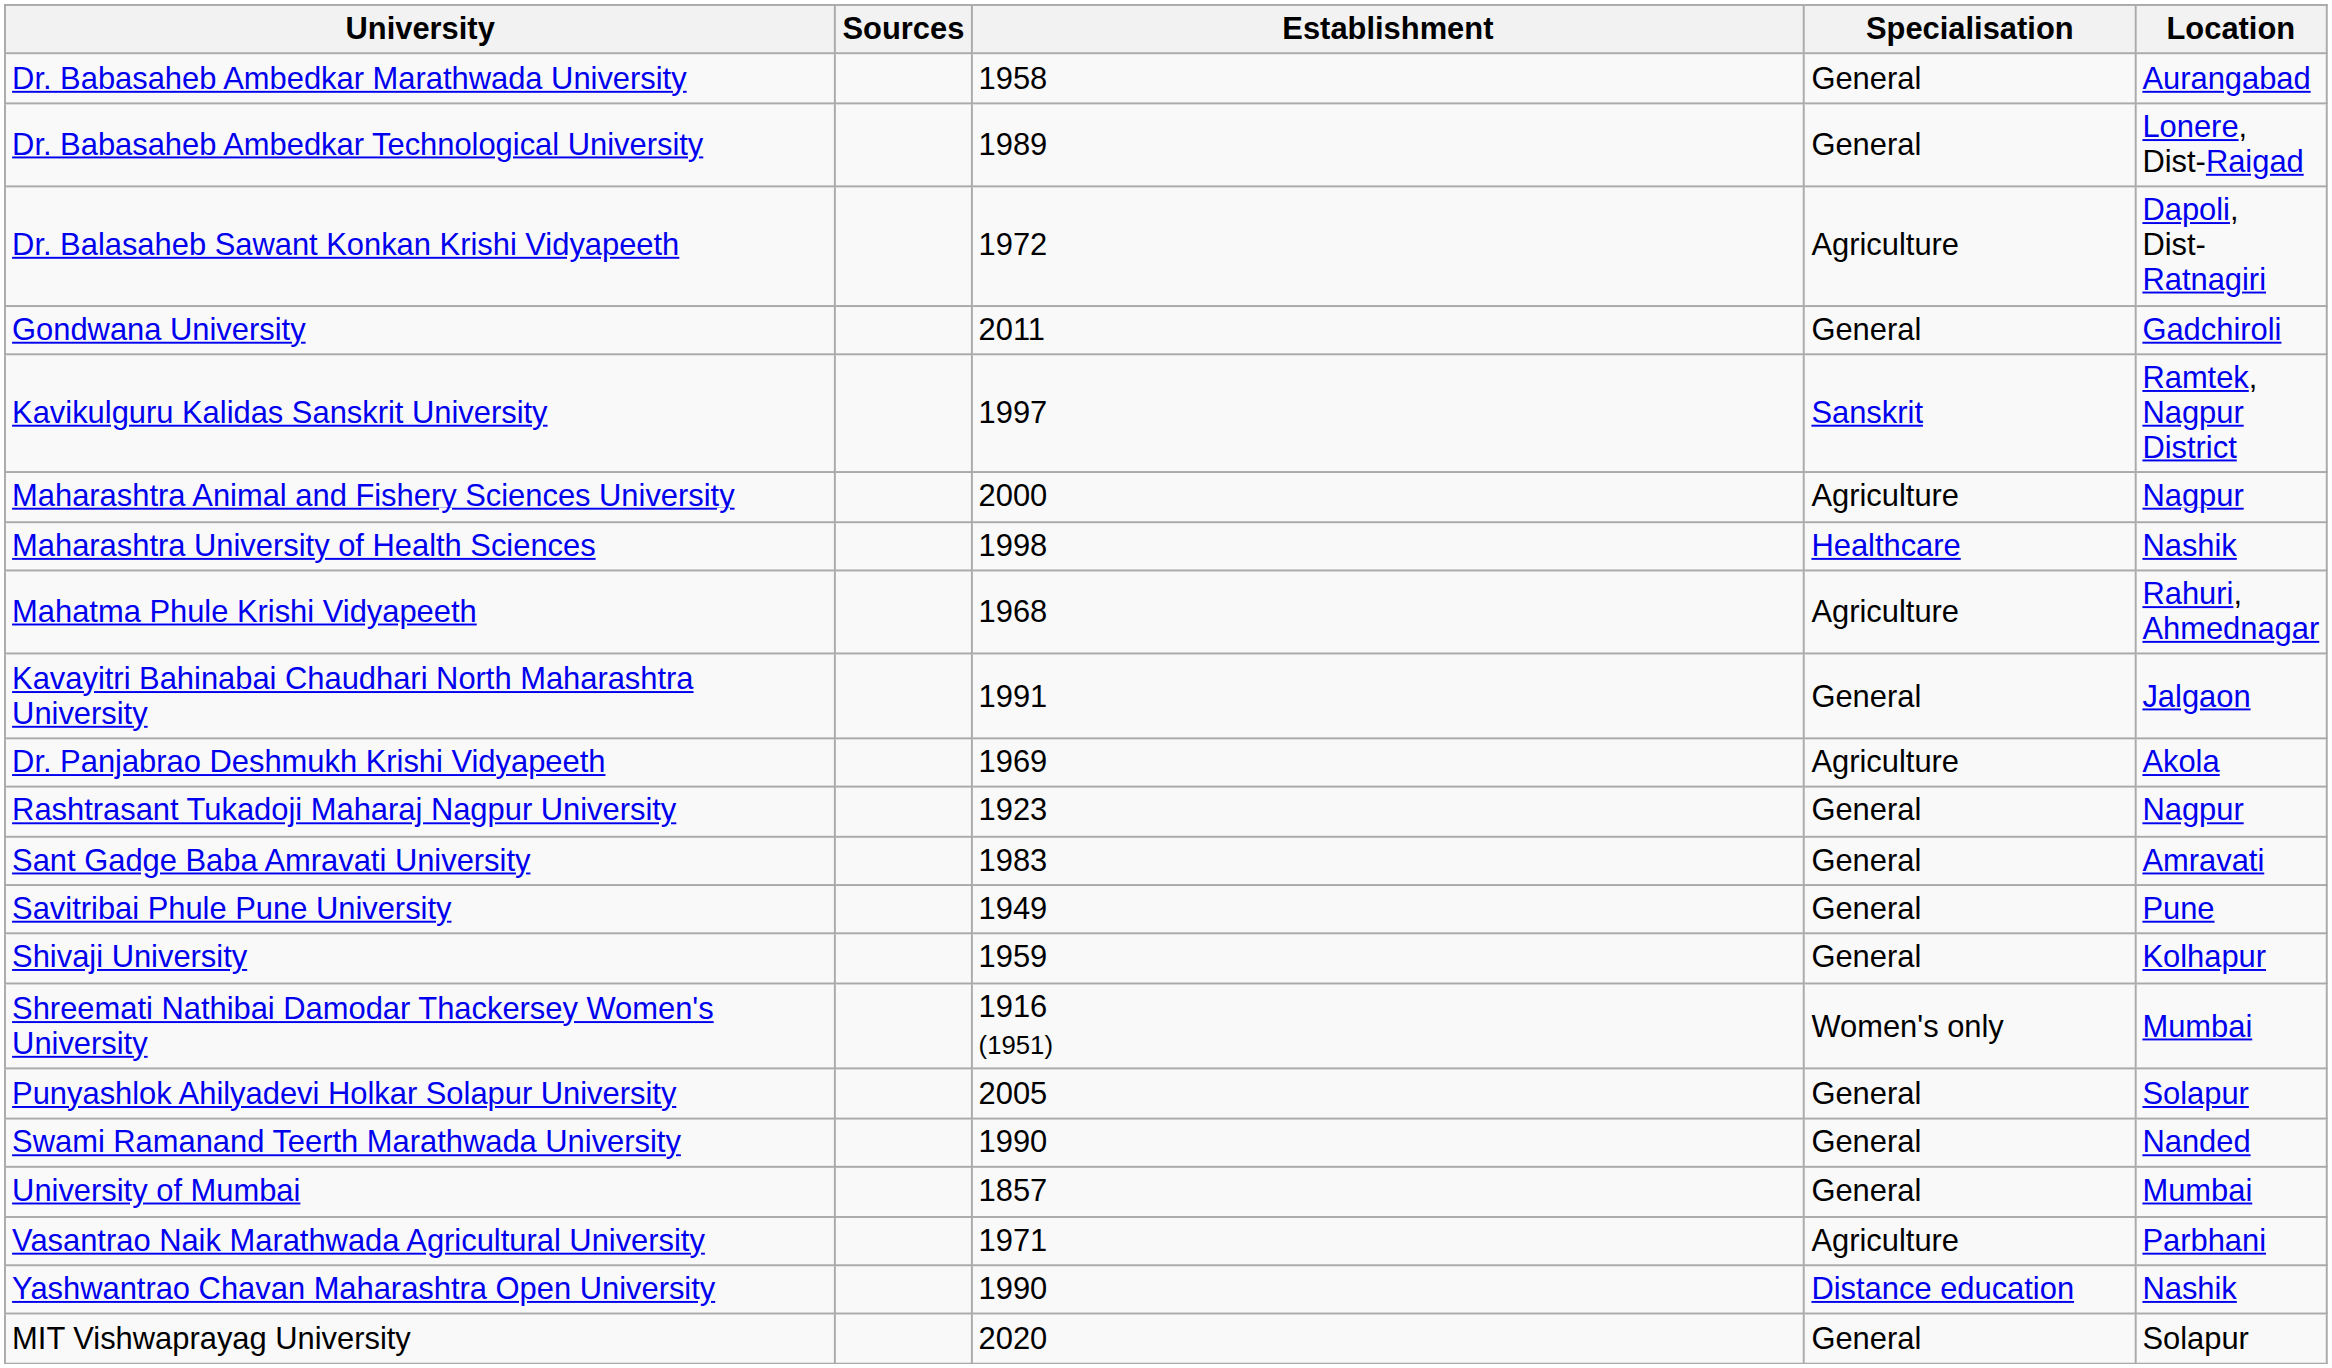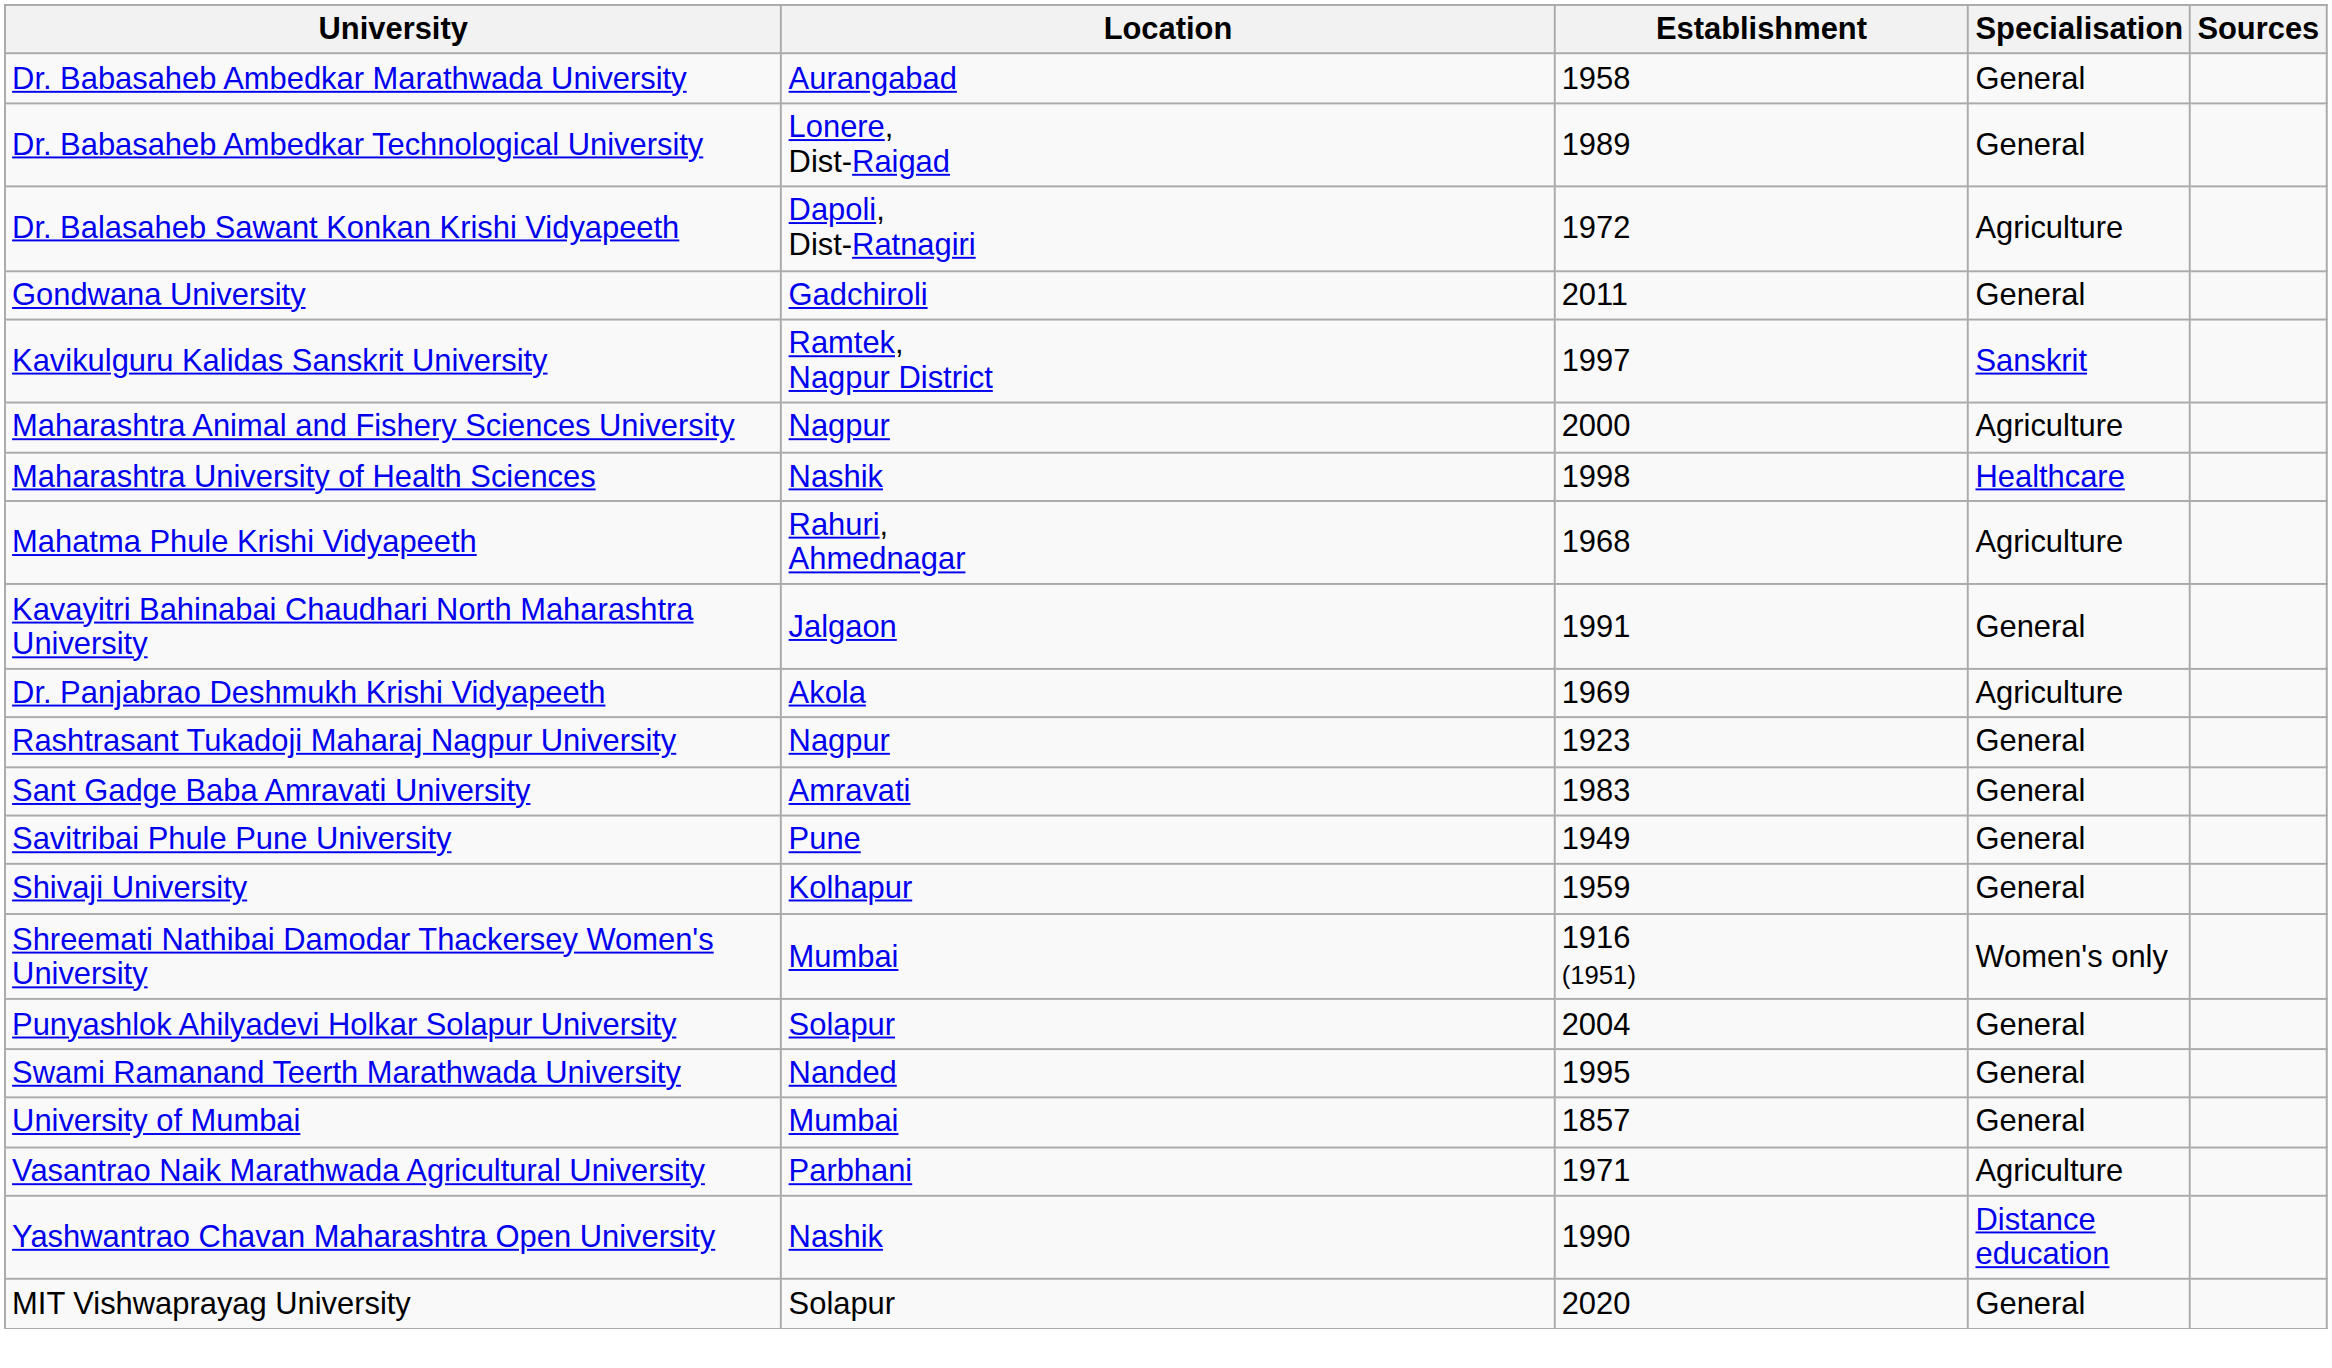 <table class="wikitable sortable collapsible plainrowheaders" border="1" style="text-align:left; width:76%">
 <tr>
 <th scope="col" style="width: 40%;">University</th>
-<th scope="col" style="width: 05%;" class="unsortable">Sources</th>
+<th scope="col" style="width: 40%;">Location</th>
 <th scope="col" style="width: 40%;">Establishment</th>
 <th scope="col" style="width: 20%;">Specialisation</th>
-<th scope="col" style="width: 40%;">Location</th>
+<th scope="col" style="width: 05%;" class="unsortable">Sources</th>
 </tr>
 <tr>
 <td><a href='#'>Dr. Babasaheb Ambedkar Marathwada University</a></td>
-<td></td>
+<td><a href='#'>Aurangabad</a></td>
 <td>1958</td>
 <td>General</td>
-<td><a href='#'>Aurangabad</a></td>
+<td></td>
 </tr>
 <tr>
 <td><a href='#'>Dr. Babasaheb Ambedkar Technological University</a></td>
-<td></td>
+<td><a href='#'>Lonere</a>,<br>Dist-<a href='#'>Raigad</a></td>
 <td>1989</td>
 <td>General</td>
-<td><a href='#'>Lonere</a>,<br>Dist-<a href='#'>Raigad</a></td>
+<td></td>
 </tr>
 <tr>
 <td><a href='#'>Dr. Balasaheb Sawant Konkan Krishi Vidyapeeth</a></td>
-<td></td>
+<td><a href='#'>Dapoli</a>,<br>Dist-<a href='#'>Ratnagiri</a></td>
 <td>1972</td>
 <td>Agriculture</td>
-<td><a href='#'>Dapoli</a>,<br>Dist-<a href='#'>Ratnagiri</a></td>
+<td></td>
 </tr>
 <tr>
 <td><a href='#'>Gondwana University</a></td>
-<td></td>
+<td><a href='#'>Gadchiroli</a></td>
 <td>2011</td>
 <td>General</td>
-<td><a href='#'>Gadchiroli</a></td>
+<td></td>
 </tr>
 <tr>
 <td><a href='#'>Kavikulguru Kalidas Sanskrit University</a></td>
-<td></td>
+<td><a href='#'>Ramtek</a>,<br><a href='#'>Nagpur District</a></td>
 <td>1997</td>
 <td><a href='#'>Sanskrit</a></td>
-<td><a href='#'>Ramtek</a>,<br><a href='#'>Nagpur District</a></td>
+<td></td>
 </tr>
 <tr>
 <td><a href='#'>Maharashtra Animal and Fishery Sciences University</a></td>
-<td></td>
+<td><a href='#'>Nagpur</a></td>
 <td>2000</td>
 <td>Agriculture</td>
-<td><a href='#'>Nagpur</a></td>
+<td></td>
 </tr>
 <tr>
 <td><a href='#'>Maharashtra University of Health Sciences</a></td>
-<td></td>
+<td><a href='#'>Nashik</a></td>
 <td>1998</td>
 <td><a href='#'>Healthcare</a></td>
-<td><a href='#'>Nashik</a></td>
+<td></td>
 </tr>
 <tr>
 <td><a href='#'>Mahatma Phule Krishi Vidyapeeth</a></td>
-<td></td>
+<td><a href='#'>Rahuri</a>,<br><a href='#'>Ahmednagar</a></td>
 <td>1968</td>
 <td>Agriculture</td>
-<td><a href='#'>Rahuri</a>,<br><a href='#'>Ahmednagar</a></td>
+<td></td>
 </tr>
 <tr>
 <td><a href='#'> Kavayitri Bahinabai Chaudhari North Maharashtra University</a></td>
-<td></td>
+<td><a href='#'>Jalgaon</a></td>
 <td>1991</td>
 <td>General</td>
-<td><a href='#'>Jalgaon</a></td>
+<td></td>
 </tr>
 <tr>
 <td><a href='#'>Dr. Panjabrao Deshmukh Krishi Vidyapeeth</a></td>
-<td></td>
+<td><a href='#'>Akola</a></td>
 <td>1969</td>
 <td>Agriculture</td>
-<td><a href='#'>Akola</a></td>
+<td></td>
 </tr>
 <tr>
 <td><a href='#'>Rashtrasant Tukadoji Maharaj Nagpur University</a></td>
-<td></td>
+<td><a href='#'>Nagpur</a></td>
 <td>1923</td>
 <td>General</td>
-<td><a href='#'>Nagpur</a></td>
+<td></td>
 </tr>
 <tr>
 <td><a href='#'>Sant Gadge Baba Amravati University</a></td>
-<td></td>
+<td><a href='#'>Amravati</a></td>
 <td>1983</td>
 <td>General</td>
-<td><a href='#'>Amravati</a></td>
+<td></td>
 </tr>
 <tr>
 <td><a href='#'>Savitribai Phule Pune University</a></td>
-<td></td>
+<td><a href='#'>Pune</a></td>
 <td>1949</td>
 <td>General</td>
-<td><a href='#'>Pune</a></td>
+<td></td>
 </tr>
 <tr>
 <td><a href='#'>Shivaji University</a></td>
-<td></td>
+<td><a href='#'>Kolhapur</a></td>
 <td>1959</td>
 <td>General</td>
-<td><a href='#'>Kolhapur</a></td>
+<td></td>
 </tr>
 <tr>
 <td><a href='#'>Shreemati Nathibai Damodar Thackersey Women's University</a></td>
-<td></td>
+<td><a href='#'>Mumbai</a></td>
 <td>1916<br><small>(1951<sup></sup>)</small></td>
 <td>Women's only</td>
-<td><a href='#'>Mumbai</a></td>
+<td></td>
 </tr>
 <tr>
 <td><a href='#'>Punyashlok Ahilyadevi Holkar Solapur University</a></td>
+<td><a href='#'>Solapur</a></td>
+<td>2004</td>
+<td>General</td>
 <td></td>
-<td>2005</td>
-<td>General</td>
-<td><a href='#'>Solapur</a></td>
 </tr>
 <tr>
 <td><a href='#'>Swami Ramanand Teerth Marathwada University</a></td>
+<td><a href='#'>Nanded</a></td>
+<td>1995</td>
+<td>General</td>
 <td></td>
-<td>1990</td>
-<td>General</td>
-<td><a href='#'>Nanded</a></td>
 </tr>
 <tr>
 <td><a href='#'>University of Mumbai</a></td>
-<td></td>
+<td><a href='#'>Mumbai</a></td>
 <td>1857</td>
 <td>General</td>
-<td><a href='#'>Mumbai</a></td>
+<td></td>
 </tr>
 <tr>
 <td><a href='#'>Vasantrao Naik Marathwada Agricultural University</a></td>
-<td></td>
+<td><a href='#'>Parbhani</a></td>
 <td>1971</td>
 <td>Agriculture</td>
-<td><a href='#'>Parbhani</a></td>
+<td></td>
 </tr>
 <tr>
 <td><a href='#'>Yashwantrao Chavan Maharashtra Open University</a></td>
-<td></td>
+<td><a href='#'>Nashik</a></td>
 <td>1990</td>
 <td><a href='#'>Distance education</a></td>
-<td><a href='#'>Nashik</a></td>
+<td></td>
 </tr>
 <tr>
 <td>MIT Vishwaprayag University</td>
-<td></td>
+<td>Solapur</td>
 <td>2020</td>
 <td>General</td>
-<td>Solapur</td>
+<td></td>
 </tr>
 </table>
